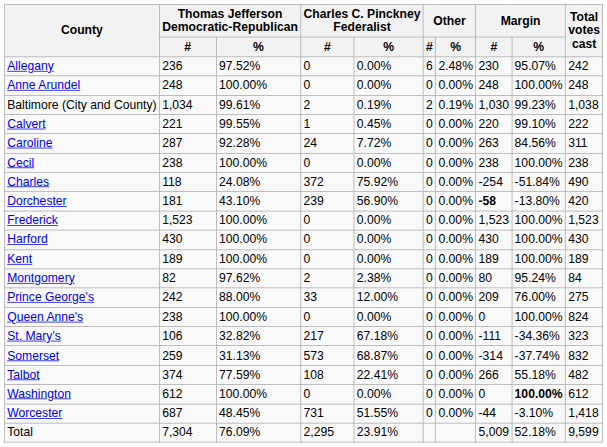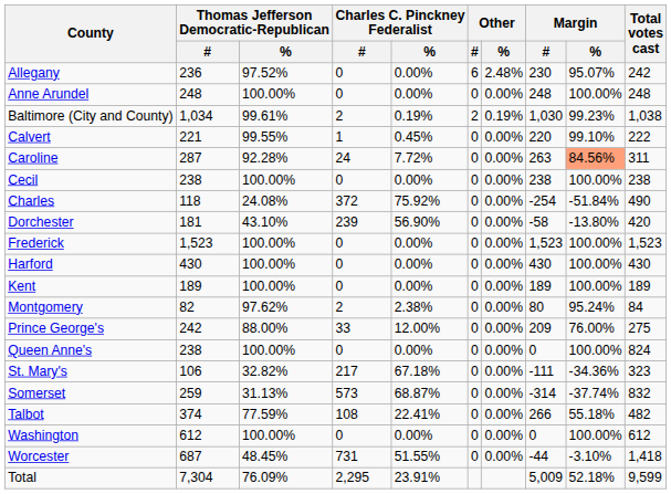 <table class="wikitable sortable">
 <tr>
 <th rowspan="2">County</th>
 <th colspan="2" >Thomas Jefferson<br>Democratic-Republican</th>
 <th colspan="2" >Charles C. Pinckney<br>Federalist</th>
 <th colspan="2" >Other</th>
 <th colspan="2">Margin</th>
 <th rowspan="2">Total<br>votes<br>cast</th>
 </tr>
 <tr>
 <th>#</th>
 <th>%</th>
 <th>#</th>
 <th>%</th>
 <th>#</th>
 <th>%</th>
 <th>#</th>
 <th>%</th>
 </tr>
 <tr>
 <td><a href='#'>Allegany</a></td>
 <td>236</td>
 <td>97.52%</td>
 <td>0</td>
 <td>0.00%</td>
 <td>6</td>
 <td>2.48%</td>
 <td>230</td>
 <td>95.07%</td>
 <td>242</td>
 </tr>
 <tr>
 <td><a href='#'>Anne Arundel</a></td>
 <td>248</td>
 <td>100.00%</td>
 <td>0</td>
 <td>0.00%</td>
 <td>0</td>
 <td>0.00%</td>
 <td>248</td>
 <td>100.00%</td>
 <td>248</td>
 </tr>
 <tr>
 <td>Baltimore (City and County)</td>
 <td>1,034</td>
 <td>99.61%</td>
 <td>2</td>
 <td>0.19%</td>
 <td>2</td>
 <td>0.19%</td>
 <td>1,030</td>
 <td>99.23%</td>
 <td>1,038</td>
 </tr>
 <tr>
 <td><a href='#'>Calvert</a></td>
 <td>221</td>
 <td>99.55%</td>
 <td>1</td>
 <td>0.45%</td>
 <td>0</td>
 <td>0.00%</td>
 <td>220</td>
 <td>99.10%</td>
 <td>222</td>
 </tr>
 <tr>
 <td><a href='#'>Caroline</a></td>
 <td>287</td>
 <td>92.28%</td>
 <td>24</td>
 <td>7.72%</td>
 <td>0</td>
 <td>0.00%</td>
 <td>263</td>
-<td>84.56%</td>
+<td style="background: lightsalmon;">84.56%</td>
 <td>311</td>
 </tr>
 <tr>
 <td><a href='#'>Cecil</a></td>
 <td>238</td>
 <td>100.00%</td>
 <td>0</td>
 <td>0.00%</td>
 <td>0</td>
 <td>0.00%</td>
 <td>238</td>
 <td>100.00%</td>
 <td>238</td>
 </tr>
 <tr>
 <td><a href='#'>Charles</a></td>
 <td>118</td>
 <td>24.08%</td>
 <td>372</td>
 <td>75.92%</td>
 <td>0</td>
 <td>0.00%</td>
 <td>-254</td>
 <td>-51.84%</td>
 <td>490</td>
 </tr>
 <tr>
 <td><a href='#'>Dorchester</a></td>
 <td>181</td>
 <td>43.10%</td>
 <td>239</td>
 <td>56.90%</td>
 <td>0</td>
 <td>0.00%</td>
-<td><strong>-58</strong></td>
+<td>-58</td>
 <td>-13.80%</td>
 <td>420</td>
 </tr>
 <tr>
 <td><a href='#'>Frederick</a></td>
 <td>1,523</td>
 <td>100.00%</td>
 <td>0</td>
 <td>0.00%</td>
 <td>0</td>
 <td>0.00%</td>
 <td>1,523</td>
 <td>100.00%</td>
 <td>1,523</td>
 </tr>
 <tr>
 <td><a href='#'>Harford</a></td>
 <td>430</td>
 <td>100.00%</td>
 <td>0</td>
 <td>0.00%</td>
 <td>0</td>
 <td>0.00%</td>
 <td>430</td>
 <td>100.00%</td>
 <td>430</td>
 </tr>
 <tr>
 <td><a href='#'>Kent</a></td>
 <td>189</td>
 <td>100.00%</td>
 <td>0</td>
 <td>0.00%</td>
 <td>0</td>
 <td>0.00%</td>
 <td>189</td>
 <td>100.00%</td>
 <td>189</td>
 </tr>
 <tr>
 <td><a href='#'>Montgomery</a></td>
 <td>82</td>
 <td>97.62%</td>
 <td>2</td>
 <td>2.38%</td>
 <td>0</td>
 <td>0.00%</td>
 <td>80</td>
 <td>95.24%</td>
 <td>84</td>
 </tr>
 <tr>
 <td><a href='#'>Prince George's</a></td>
 <td>242</td>
 <td>88.00%</td>
 <td>33</td>
 <td>12.00%</td>
 <td>0</td>
 <td>0.00%</td>
 <td>209</td>
 <td>76.00%</td>
 <td>275</td>
 </tr>
 <tr>
 <td><a href='#'>Queen Anne's</a></td>
 <td>238</td>
 <td>100.00%</td>
 <td>0</td>
 <td>0.00%</td>
 <td>0</td>
 <td>0.00%</td>
 <td>0</td>
 <td>100.00%</td>
 <td>824</td>
 </tr>
 <tr>
 <td><a href='#'>St. Mary's</a></td>
 <td>106</td>
 <td>32.82%</td>
 <td>217</td>
 <td>67.18%</td>
 <td>0</td>
 <td>0.00%</td>
 <td>-111</td>
 <td>-34.36%</td>
 <td>323</td>
 </tr>
 <tr>
 <td><a href='#'>Somerset</a></td>
 <td>259</td>
 <td>31.13%</td>
 <td>573</td>
 <td>68.87%</td>
 <td>0</td>
 <td>0.00%</td>
 <td>-314</td>
 <td>-37.74%</td>
 <td>832</td>
 </tr>
 <tr>
 <td><a href='#'>Talbot</a></td>
 <td>374</td>
 <td>77.59%</td>
 <td>108</td>
 <td>22.41%</td>
 <td>0</td>
 <td>0.00%</td>
 <td>266</td>
 <td>55.18%</td>
 <td>482</td>
 </tr>
 <tr>
 <td><a href='#'>Washington</a></td>
 <td>612</td>
 <td>100.00%</td>
 <td>0</td>
 <td>0.00%</td>
 <td>0</td>
 <td>0.00%</td>
 <td>0</td>
-<td><strong>100.00%</strong></td>
+<td>100.00%</td>
 <td>612</td>
 </tr>
 <tr>
 <td><a href='#'>Worcester</a></td>
 <td>687</td>
 <td>48.45%</td>
 <td>731</td>
 <td>51.55%</td>
 <td>0</td>
 <td>0.00%</td>
 <td>-44</td>
 <td>-3.10%</td>
 <td>1,418</td>
 </tr>
 <tr>
 <td>Total</td>
 <td>7,304</td>
 <td>76.09%</td>
 <td>2,295</td>
 <td>23.91%</td>
 <td></td>
 <td></td>
 <td>5,009</td>
 <td>52.18%</td>
 <td>9,599</td>
 </tr>
 </table>
